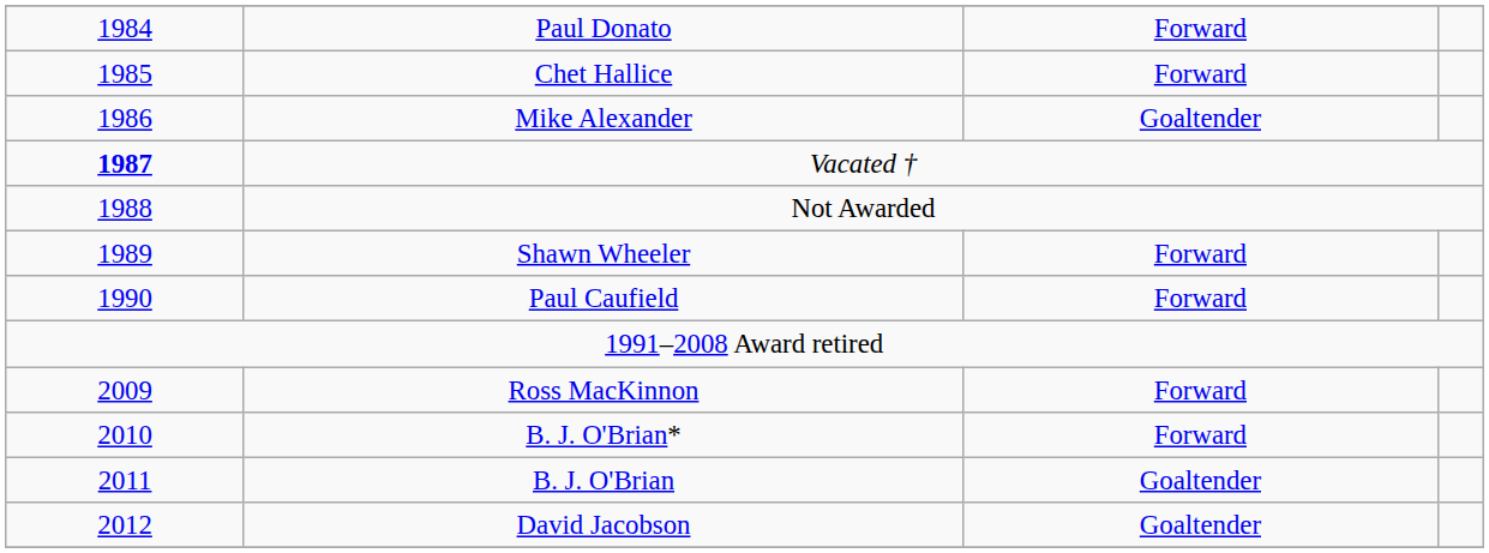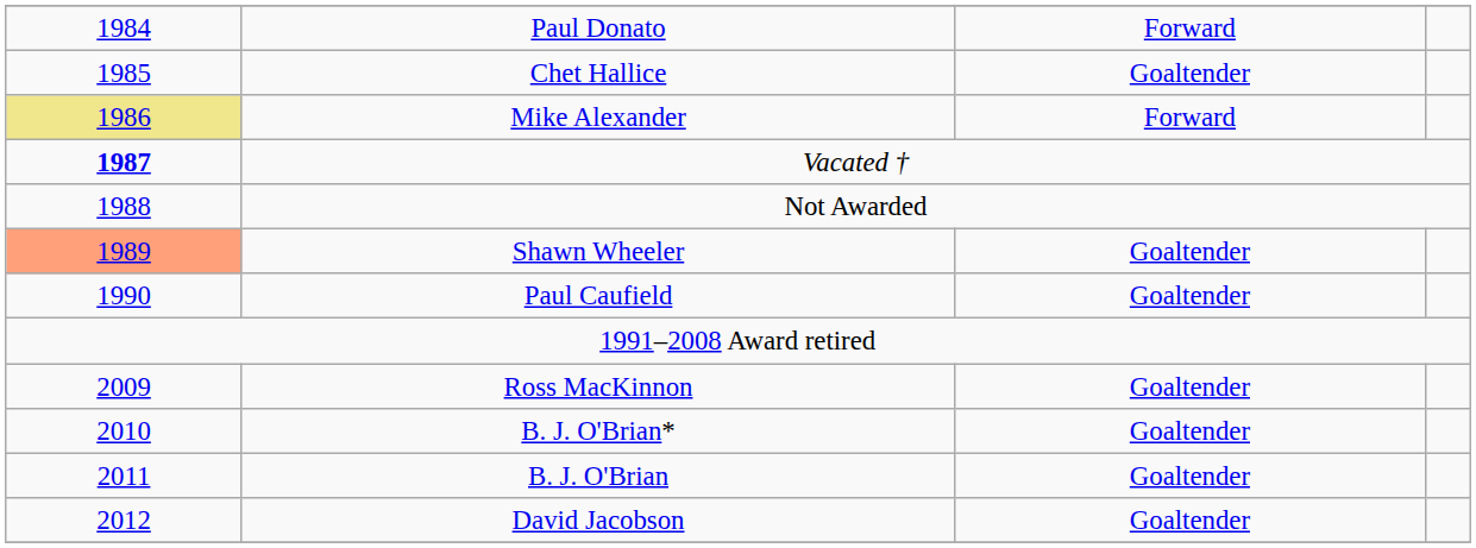 <table class="wikitable sortable" style="font-size: 95%;text-align: center;" width=65%>
 <tr>
 </tr>
 <tr>
 <td><a href='#'>1984</a></td>
 <td><a href='#'>Paul Donato</a></td>
 <td><a href='#'>Forward</a></td>
 <td><strong><a href='#'></a></strong></td>
 </tr>
 <tr>
 <td><a href='#'>1985</a></td>
 <td><a href='#'>Chet Hallice</a></td>
-<td><a href='#'>Forward</a></td>
+<td><a href='#'>Goaltender</a></td>
 <td><strong><a href='#'></a></strong></td>
 </tr>
 <tr>
-<td><a href='#'>1986</a></td>
+<td style="background: khaki;"><a href='#'>1986</a></td>
 <td><a href='#'>Mike Alexander</a></td>
-<td><a href='#'>Goaltender</a></td>
+<td><a href='#'>Forward</a></td>
 <td><strong><a href='#'></a></strong></td>
 </tr>
 <tr>
 <td><strong><a href='#'>1987</a></strong></td>
 <td colspan=3><em>Vacated †</em></td>
 </tr>
 <tr>
 <td><a href='#'>1988</a></td>
 <td colspan=3>Not Awarded</td>
 </tr>
 <tr>
-<td><a href='#'>1989</a></td>
+<td style="background: lightsalmon;"><a href='#'>1989</a></td>
 <td><a href='#'>Shawn Wheeler</a></td>
-<td><a href='#'>Forward</a></td>
+<td><a href='#'>Goaltender</a></td>
 <td><strong><a href='#'></a></strong></td>
 </tr>
 <tr>
 <td><a href='#'>1990</a></td>
 <td><a href='#'>Paul Caufield</a></td>
-<td><a href='#'>Forward</a></td>
+<td><a href='#'>Goaltender</a></td>
 <td><strong><a href='#'></a></strong></td>
 </tr>
 <tr>
 <td colspan=4><a href='#'>1991</a>–<a href='#'>2008</a> Award retired</td>
 </tr>
 <tr>
 <td><a href='#'>2009</a></td>
 <td><a href='#'>Ross MacKinnon</a></td>
-<td><a href='#'>Forward</a></td>
+<td><a href='#'>Goaltender</a></td>
 <td><strong><a href='#'></a></strong></td>
 </tr>
 <tr>
 <td><a href='#'>2010</a></td>
 <td><a href='#'>B. J. O'Brian</a>*</td>
-<td><a href='#'>Forward</a></td>
+<td><a href='#'>Goaltender</a></td>
 <td><strong><a href='#'></a></strong></td>
 </tr>
 <tr>
 <td><a href='#'>2011</a></td>
 <td><a href='#'>B. J. O'Brian</a></td>
 <td><a href='#'>Goaltender</a></td>
 <td><strong><a href='#'></a></strong></td>
 </tr>
 <tr>
 <td><a href='#'>2012</a></td>
 <td><a href='#'>David Jacobson</a></td>
 <td><a href='#'>Goaltender</a></td>
 <td><strong><a href='#'></a></strong></td>
 </tr>
 <tr>
 </tr>
 </table>
